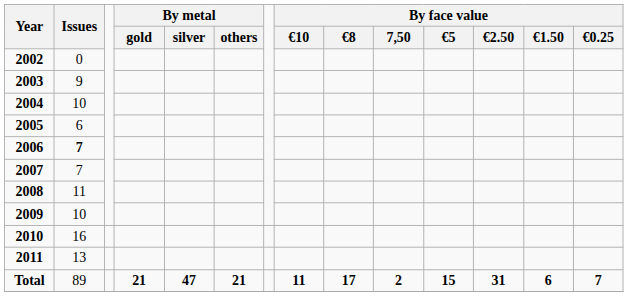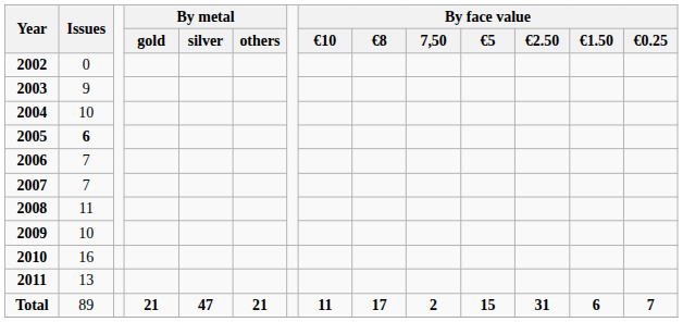 <table class="wikitable" style="text-align: center;">
 <tr>
 <th rowspan=2  width=50px>Year</th>
 <th rowspan=2  width=50px>Issues</th>
 <td rowspan=10> </td>
 <th colspan=3>By metal</th>
 <td rowspan=10> </td>
 <th colspan=7>By face value</th>
 </tr>
 <tr>
 <th width=50px>gold</th>
 <th width=50px>silver</th>
 <th width=50px>others</th>
 <th width=50px>€10</th>
 <th width=50px>€8</th>
 <th width=50px>7,50</th>
 <th width=50px>€5</th>
 <th width=50px>€2.50</th>
 <th width=50px>€1.50</th>
 <th width=50px>€0.25</th>
 </tr>
 <tr>
 <td style="text-align: center;"><strong>2002</strong></td>
 <td>0</td>
 <td></td>
 <td></td>
 <td></td>
 <td></td>
 <td></td>
 <td></td>
 <td></td>
 <td></td>
 <td></td>
 <td></td>
 </tr>
 <tr>
 <td style="text-align: center;"><strong>2003</strong></td>
 <td>9</td>
 <td></td>
 <td></td>
 <td></td>
 <td></td>
 <td></td>
 <td></td>
 <td></td>
 <td></td>
 <td></td>
 <td></td>
 </tr>
 <tr>
 <td style="text-align: center;"><strong>2004</strong></td>
 <td>10</td>
 <td></td>
 <td></td>
 <td></td>
 <td></td>
 <td></td>
 <td></td>
 <td></td>
 <td></td>
 <td></td>
 <td></td>
 </tr>
 <tr>
 <td style="text-align: center;"><strong>2005</strong></td>
-<td>6</td>
+<td><strong>6</strong></td>
 <td></td>
 <td></td>
 <td></td>
 <td></td>
 <td></td>
 <td></td>
 <td></td>
 <td></td>
 <td></td>
 <td></td>
 </tr>
 <tr>
 <td style="text-align: center;"><strong>2006</strong></td>
-<td><strong>7</strong></td>
+<td>7</td>
 <td></td>
 <td></td>
 <td></td>
 <td></td>
 <td></td>
 <td></td>
 <td></td>
 <td></td>
 <td></td>
 <td></td>
 </tr>
 <tr>
 <td style="text-align: center;"><strong>2007</strong></td>
 <td>7</td>
 <td></td>
 <td></td>
 <td></td>
 <td></td>
 <td></td>
 <td></td>
 <td></td>
 <td></td>
 <td></td>
 <td></td>
 </tr>
 <tr>
 <td style="text-align: center;"><strong>2008</strong></td>
 <td>11</td>
 <td></td>
 <td></td>
 <td></td>
 <td></td>
 <td></td>
 <td></td>
 <td></td>
 <td></td>
 <td></td>
 <td></td>
 </tr>
 <tr>
 <td style="text-align: center;"><strong>2009</strong></td>
 <td>10</td>
 <td></td>
 <td></td>
 <td></td>
 <td></td>
 <td></td>
 <td></td>
 <td></td>
 <td></td>
 <td></td>
 <td></td>
 </tr>
 <tr>
 <td style="text-align: center;"><strong>2010</strong></td>
 <td>16</td>
 <td></td>
 <td></td>
 <td></td>
 <td></td>
 <td></td>
 <td></td>
 <td></td>
 <td></td>
 <td></td>
 <td></td>
 <td></td>
 <td></td>
 </tr>
 <tr>
 <td style="text-align: center:"><strong>2011</strong></td>
 <td>13</td>
 <td></td>
 <td></td>
 <td></td>
 <td></td>
 <td></td>
 <td></td>
 <td></td>
 <td></td>
 <td></td>
 <td></td>
 <td></td>
 <td></td>
 </tr>
 <tr>
 <td style="text-align: center;"><strong>Total</strong></td>
 <td>89</td>
 <td></td>
 <td><strong>21</strong></td>
 <td><strong>47</strong></td>
 <td><strong>21</strong></td>
 <td></td>
 <td><strong>11</strong></td>
 <td><strong>17</strong></td>
 <td><strong>2</strong></td>
 <td><strong>15</strong></td>
 <td><strong>31</strong></td>
 <td><strong>6</strong></td>
 <td><strong>7</strong></td>
 </tr>
 <tr>
 </tr>
 </table>
